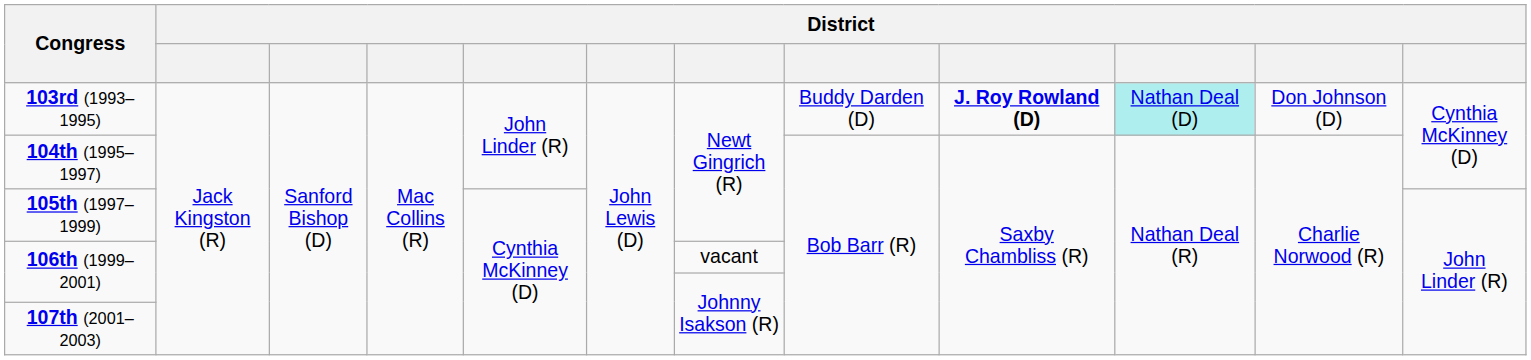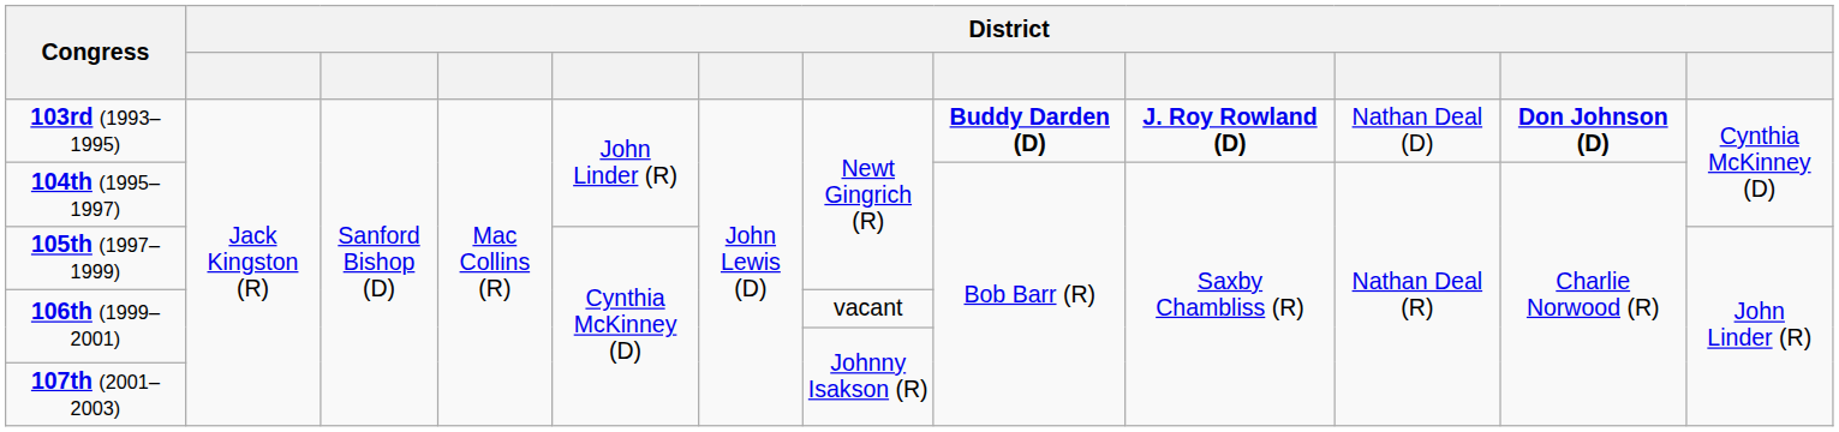 <table class=wikitable style="text-align:center">
 <tr style="height:2em">
 <th rowspan=2>Congress</th>
 <th colspan=11>District</th>
 </tr>
 <tr style="height:2em">
 <th></th>
 <th></th>
 <th></th>
 <th></th>
 <th></th>
 <th></th>
 <th></th>
 <th></th>
 <th></th>
 <th></th>
 <th></th>
 </tr>
 <tr style="height:2.5em">
 <td><strong><a href='#'>103rd</a></strong> <small>(1993–1995)</small></td>
 <td rowspan="6" ><a href='#'>Jack<br>Kingston</a> (R)</td>
 <td rowspan="6" ><a href='#'>Sanford<br>Bishop</a> (D)</td>
 <td rowspan="6" ><a href='#'>Mac<br>Collins</a> (R)</td>
 <td rowspan="2" ><a href='#'>John<br>Linder</a> (R)</td>
 <td rowspan="6" ><a href='#'>John<br>Lewis</a> (D)</td>
 <td rowspan="3" ><a href='#'>Newt<br>Gingrich</a> (R)</td>
-<td><a href='#'>Buddy Darden</a> (D)</td>
+<td><strong><a href='#'>Buddy Darden</a> (D)</strong></td>
 <td><strong><a href='#'>J. Roy Rowland</a> (D)</strong></td>
-<td style="background: paleturquoise;"><a href='#'>Nathan Deal</a> (D)</td>
-<td><a href='#'>Don Johnson</a> (D)</td>
+<td><a href='#'>Nathan Deal</a> (D)</td>
+<td><strong><a href='#'>Don Johnson</a> (D)</strong></td>
 <td rowspan="2" ><a href='#'>Cynthia<br>McKinney</a> (D)</td>
 </tr>
 <tr style="height:2.5em">
 <td><strong><a href='#'>104th</a></strong> <small>(1995–1997)</small></td>
 <td rowspan="5" ><a href='#'>Bob Barr</a> (R)</td>
 <td rowspan="5" ><a href='#'>Saxby<br>Chambliss</a> (R)</td>
 <td rowspan="5" ><a href='#'>Nathan Deal</a> (R)</td>
 <td rowspan="5" ><a href='#'>Charlie<br>Norwood</a> (R)</td>
 </tr>
 <tr style="height:2.5em">
 <td><strong><a href='#'>105th</a></strong> <small>(1997–1999)</small></td>
 <td rowspan="4" ><a href='#'>Cynthia<br>McKinney</a> (D)</td>
 <td rowspan="4" ><a href='#'>John<br>Linder</a> (R)</td>
 </tr>
 <tr style="height:1.5em">
 <td rowspan="2"><strong><a href='#'>106th</a></strong> <small>(1999–2001)</small></td>
 <td>vacant</td>
 </tr>
 <tr style="height:1.5em">
 <td rowspan="2" ><a href='#'>Johnny<br>Isakson</a> (R)</td>
 </tr>
 <tr style="height:2.5em">
 <td><strong><a href='#'>107th</a></strong> <small>(2001–2003)</small></td>
 </tr>
 </table>
